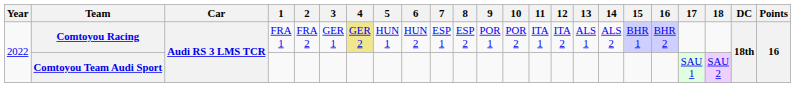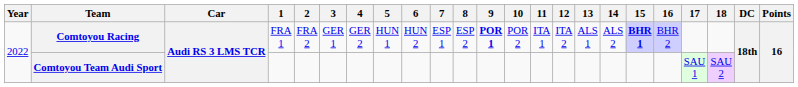 <table class="wikitable" style="text-align:center; font-size:85%">
 <tr>
 <th>Year</th>
 <th>Team</th>
 <th>Car</th>
 <th>1</th>
 <th>2</th>
 <th>3</th>
 <th>4</th>
 <th>5</th>
 <th>6</th>
 <th>7</th>
 <th>8</th>
 <th>9</th>
 <th>10</th>
 <th>11</th>
 <th>12</th>
 <th>13</th>
 <th>14</th>
 <th>15</th>
 <th>16</th>
 <th>17</th>
 <th>18</th>
 <th>DC</th>
 <th>Points</th>
 </tr>
 <tr>
 <td rowspan=2><a href='#'>2022</a></td>
 <th><a href='#'>Comtoyou Racing</a></th>
 <th rowspan=2><a href='#'>Audi RS 3 LMS TCR</a></th>
 <td><a href='#'>FRA<br>1</a></td>
 <td><a href='#'>FRA<br>2</a></td>
 <td><a href='#'>GER<br>1</a></td>
-<td style="background: khaki;"><a href='#'>GER<br>2</a></td>
+<td><a href='#'>GER<br>2</a></td>
 <td><a href='#'>HUN<br>1</a></td>
 <td><a href='#'>HUN<br>2</a></td>
 <td><a href='#'>ESP<br>1</a></td>
 <td><a href='#'>ESP<br>2</a></td>
-<td><a href='#'>POR<br>1</a></td>
+<td><strong><a href='#'>POR<br>1</a></strong></td>
 <td><a href='#'>POR<br>2</a></td>
 <td><a href='#'>ITA<br>1</a></td>
 <td><a href='#'>ITA<br>2</a></td>
 <td><a href='#'>ALS<br>1</a></td>
 <td><a href='#'>ALS<br>2</a></td>
-<td style="background:#CFCFFF;"><a href='#'>BHR<br>1</a><br></td>
+<td style="background:#CFCFFF;"><strong><a href='#'>BHR<br>1</a><br></strong></td>
 <td style="background:#CFCFFF;"><a href='#'>BHR<br>2</a><br></td>
 <td></td>
 <td></td>
 <th rowspan=2>18th</th>
 <th rowspan=2>16</th>
 </tr>
 <tr>
 <th><a href='#'>Comtoyou Team Audi Sport</a></th>
 <td></td>
 <td></td>
 <td></td>
 <td></td>
 <td></td>
 <td></td>
 <td></td>
 <td></td>
 <td></td>
 <td></td>
 <td></td>
 <td></td>
 <td></td>
 <td></td>
 <td></td>
 <td></td>
 <td style="background:#DFFFDF;"><a href='#'>SAU<br>1</a><br></td>
 <td style="background:#EFCFFF;"><a href='#'>SAU<br>2</a><br></td>
 </tr>
 </table>
